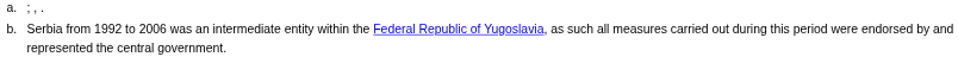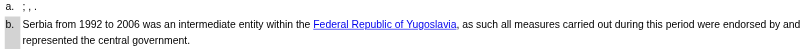 <table style="margin-left:13px; line-height:150%">
 <tr>
 <td align="right" valign="top">a.  </td>
 <td>; , .</td>
 </tr>
 <tr>
-<td align="right" valign="top">b.  </td>
+<td align="right" valign="top" style="background: lightgrey;">b.  </td>
 <td>Serbia from 1992 to 2006 was an intermediate entity within the <a href='#'>Federal Republic of Yugoslavia</a>, as such all measures carried out during this period were endorsed by and represented the central government.</td>
 </tr>
 </table>
